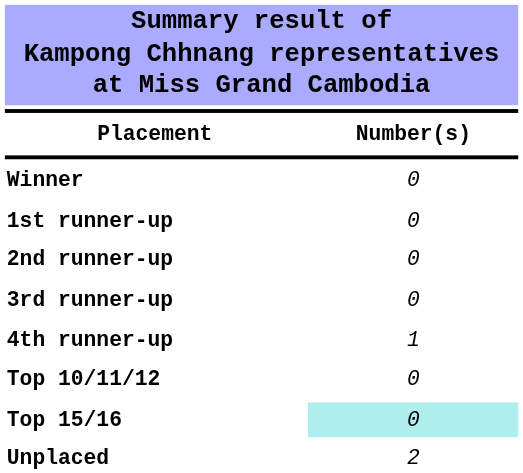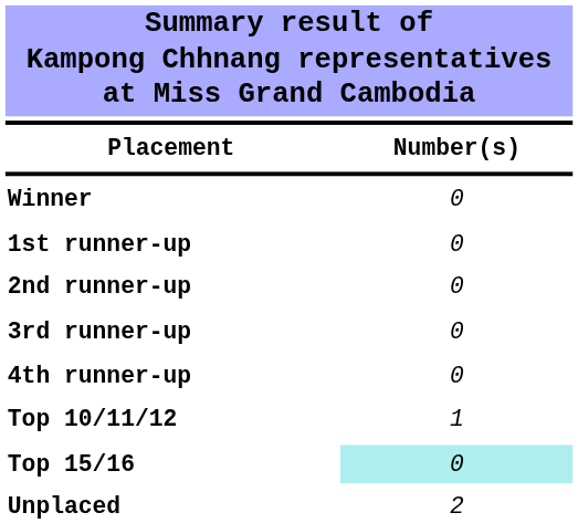 <table style="width: 270px; font-size:85%; line-height:1.5em;">
 <tr>
 <th colspan="2" align="center" style="background:#AAF;"><big>Summary result of<br>Kampong Chhnang representatives<br>at Miss Grand Cambodia</big></th>
 </tr>
 <tr>
 <td colspan="2" style="background:black"></td>
 </tr>
 <tr>
 <th scope="col">Placement</th>
 <th scope="col">Number(s)</th>
 </tr>
 <tr>
 <td colspan="2" style="background:black"></td>
 </tr>
 <tr>
 <td align="left"><strong>Winner</strong></td>
 <td align="center"><em>0</em></td>
 </tr>
 <tr>
 <td align="left"><strong>1st runner-up</strong></td>
 <td align="center"><em>0</em></td>
 </tr>
 <tr>
 <td align="left"><strong>2nd runner-up</strong></td>
 <td align="center"><em>0</em></td>
 </tr>
 <tr>
 <td align="left"><strong>3rd runner-up</strong></td>
 <td align="center"><em>0</em></td>
 </tr>
 <tr>
 <td align="left"><strong>4th runner-up</strong></td>
-<td align="center"><em>1</em></td>
+<td align="center"><em>0</em></td>
 </tr>
 <tr>
 <td align="left"><strong>Top 10/11/12</strong></td>
-<td align="center"><em>0</em></td>
+<td align="center"><em>1</em></td>
 </tr>
 <tr>
 <td align="left"><strong>Top 15/16</strong></td>
 <td align="center" style="background: paleturquoise;"><em>0</em></td>
 </tr>
 <tr>
 <td align="left"><strong>Unplaced</strong></td>
 <td align="center"><em>2</em></td>
 </tr>
 </table>
